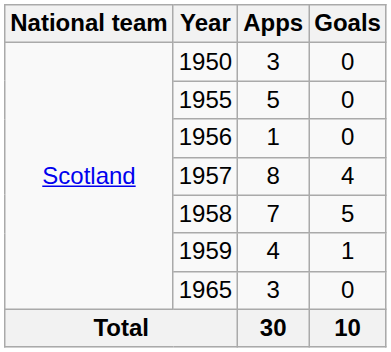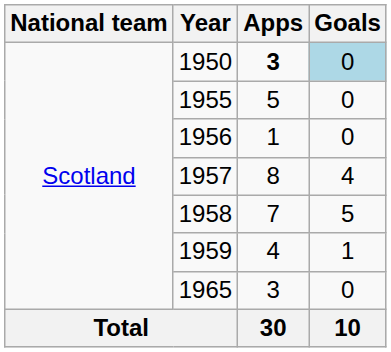 <table class="wikitable" style="text-align:center">
 <tr>
 <th>National team</th>
 <th>Year</th>
 <th>Apps</th>
 <th>Goals</th>
 </tr>
 <tr>
 <td rowspan="7"><a href='#'>Scotland</a></td>
 <td>1950</td>
-<td>3</td>
-<td>0</td>
+<td><strong>3</strong></td>
+<td style="background: lightblue;">0</td>
 </tr>
 <tr>
 <td>1955</td>
 <td>5</td>
 <td>0</td>
 </tr>
 <tr>
 <td>1956</td>
 <td>1</td>
 <td>0</td>
 </tr>
 <tr>
 <td>1957</td>
 <td>8</td>
 <td>4</td>
 </tr>
 <tr>
 <td>1958</td>
 <td>7</td>
 <td>5</td>
 </tr>
 <tr>
 <td>1959</td>
 <td>4</td>
 <td>1</td>
 </tr>
 <tr>
 <td>1965</td>
 <td>3</td>
 <td>0</td>
 </tr>
 <tr>
 <th colspan="2">Total</th>
 <th>30</th>
 <th>10</th>
 </tr>
 </table>
